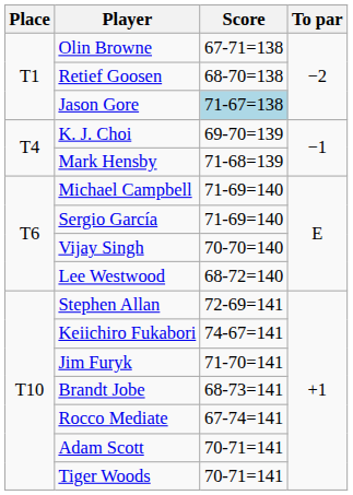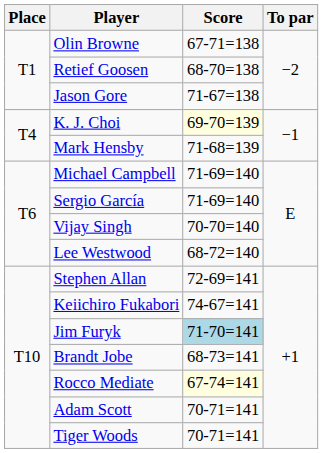 <table class="wikitable">
 <tr>
 <th>Place</th>
 <th>Player</th>
 <th>Score</th>
 <th>To par</th>
 </tr>
 <tr>
 <td rowspan="3" align=center>T1</td>
 <td> <a href='#'>Olin Browne</a></td>
 <td>67-71=138</td>
 <td rowspan="3" align=center>−2</td>
 </tr>
 <tr>
 <td> <a href='#'>Retief Goosen</a></td>
 <td>68-70=138</td>
 </tr>
 <tr>
 <td> <a href='#'>Jason Gore</a></td>
-<td style="background: lightblue;">71-67=138</td>
+<td>71-67=138</td>
 </tr>
 <tr>
 <td rowspan="2" align=center>T4</td>
 <td> <a href='#'>K. J. Choi</a></td>
-<td>69-70=139</td>
+<td style="background: lightyellow;">69-70=139</td>
 <td rowspan="2" align=center>−1</td>
 </tr>
 <tr>
 <td> <a href='#'>Mark Hensby</a></td>
 <td>71-68=139</td>
 </tr>
 <tr>
 <td rowspan="4" align=center>T6</td>
 <td> <a href='#'>Michael Campbell</a></td>
 <td>71-69=140</td>
 <td rowspan="4" align=center>E</td>
 </tr>
 <tr>
 <td> <a href='#'>Sergio García</a></td>
 <td>71-69=140</td>
 </tr>
 <tr>
 <td> <a href='#'>Vijay Singh</a></td>
 <td>70-70=140</td>
 </tr>
 <tr>
 <td> <a href='#'>Lee Westwood</a></td>
 <td>68-72=140</td>
 </tr>
 <tr>
 <td rowspan="7" align=center>T10</td>
 <td> <a href='#'>Stephen Allan</a></td>
 <td>72-69=141</td>
 <td rowspan="7" align=center>+1</td>
 </tr>
 <tr>
 <td> <a href='#'>Keiichiro Fukabori</a></td>
 <td>74-67=141</td>
 </tr>
 <tr>
 <td> <a href='#'>Jim Furyk</a></td>
-<td>71-70=141</td>
+<td style="background: lightblue;">71-70=141</td>
 </tr>
 <tr>
 <td> <a href='#'>Brandt Jobe</a></td>
 <td>68-73=141</td>
 </tr>
 <tr>
 <td> <a href='#'>Rocco Mediate</a></td>
-<td>67-74=141</td>
+<td style="background: lightyellow;">67-74=141</td>
 </tr>
 <tr>
 <td> <a href='#'>Adam Scott</a></td>
 <td>70-71=141</td>
 </tr>
 <tr>
 <td> <a href='#'>Tiger Woods</a></td>
 <td>70-71=141</td>
 </tr>
 </table>
